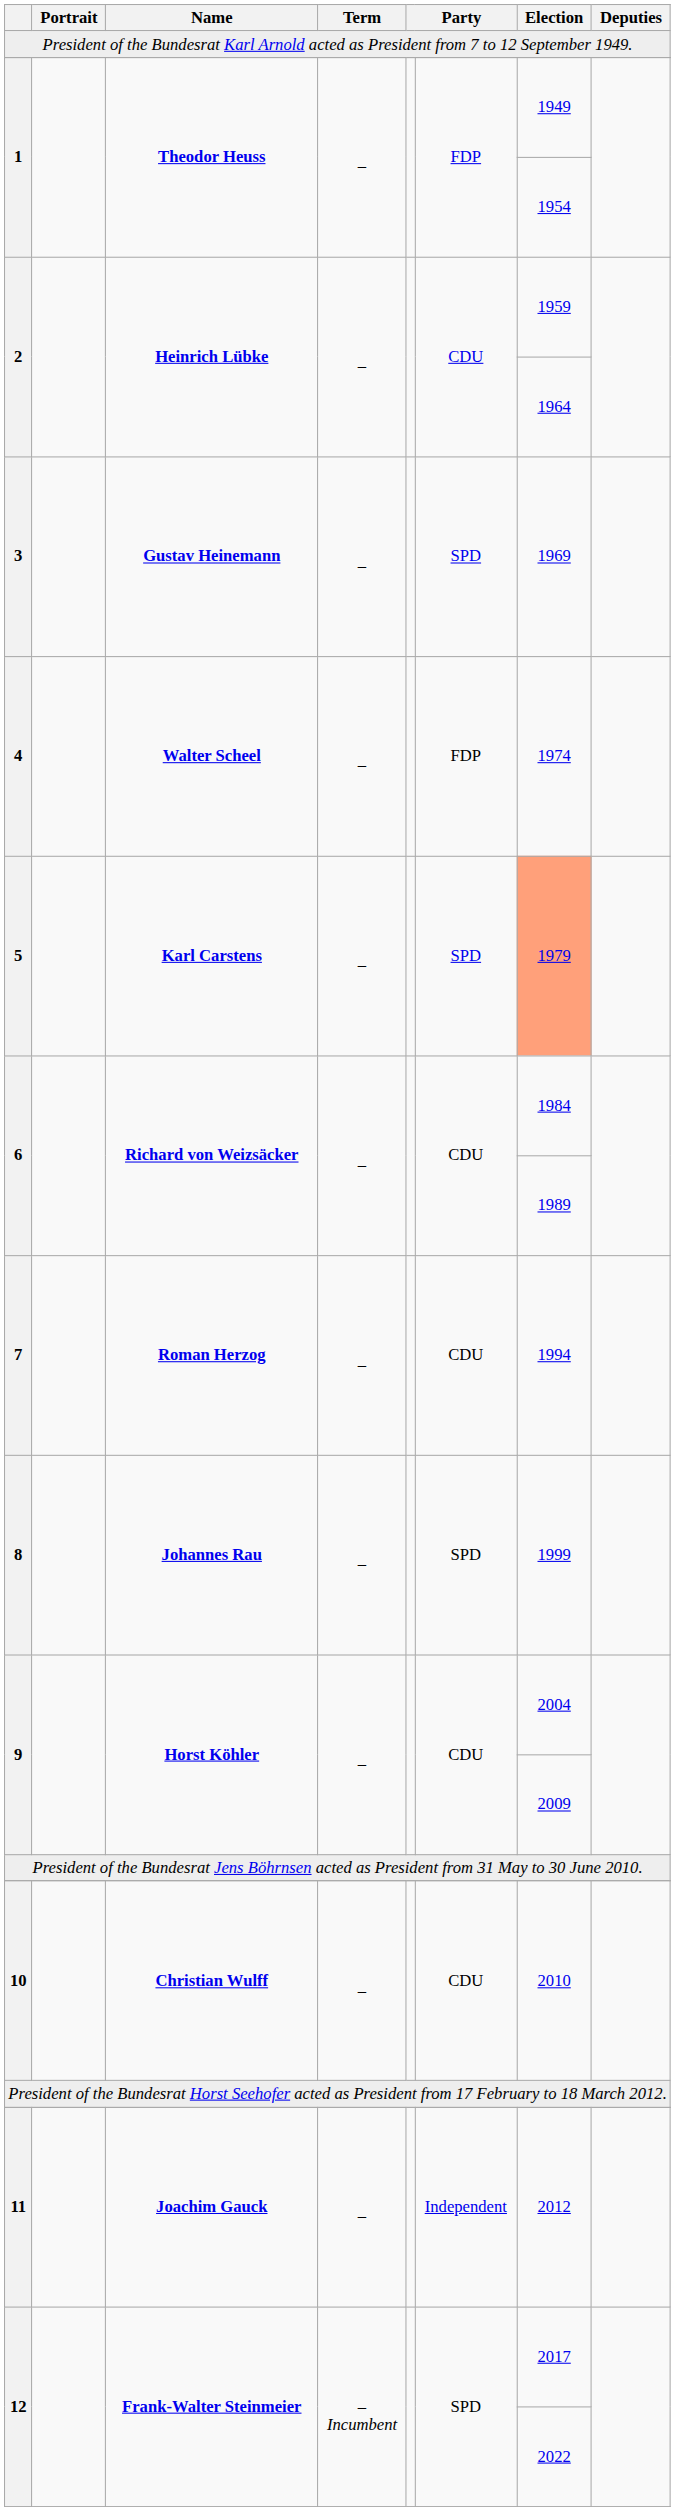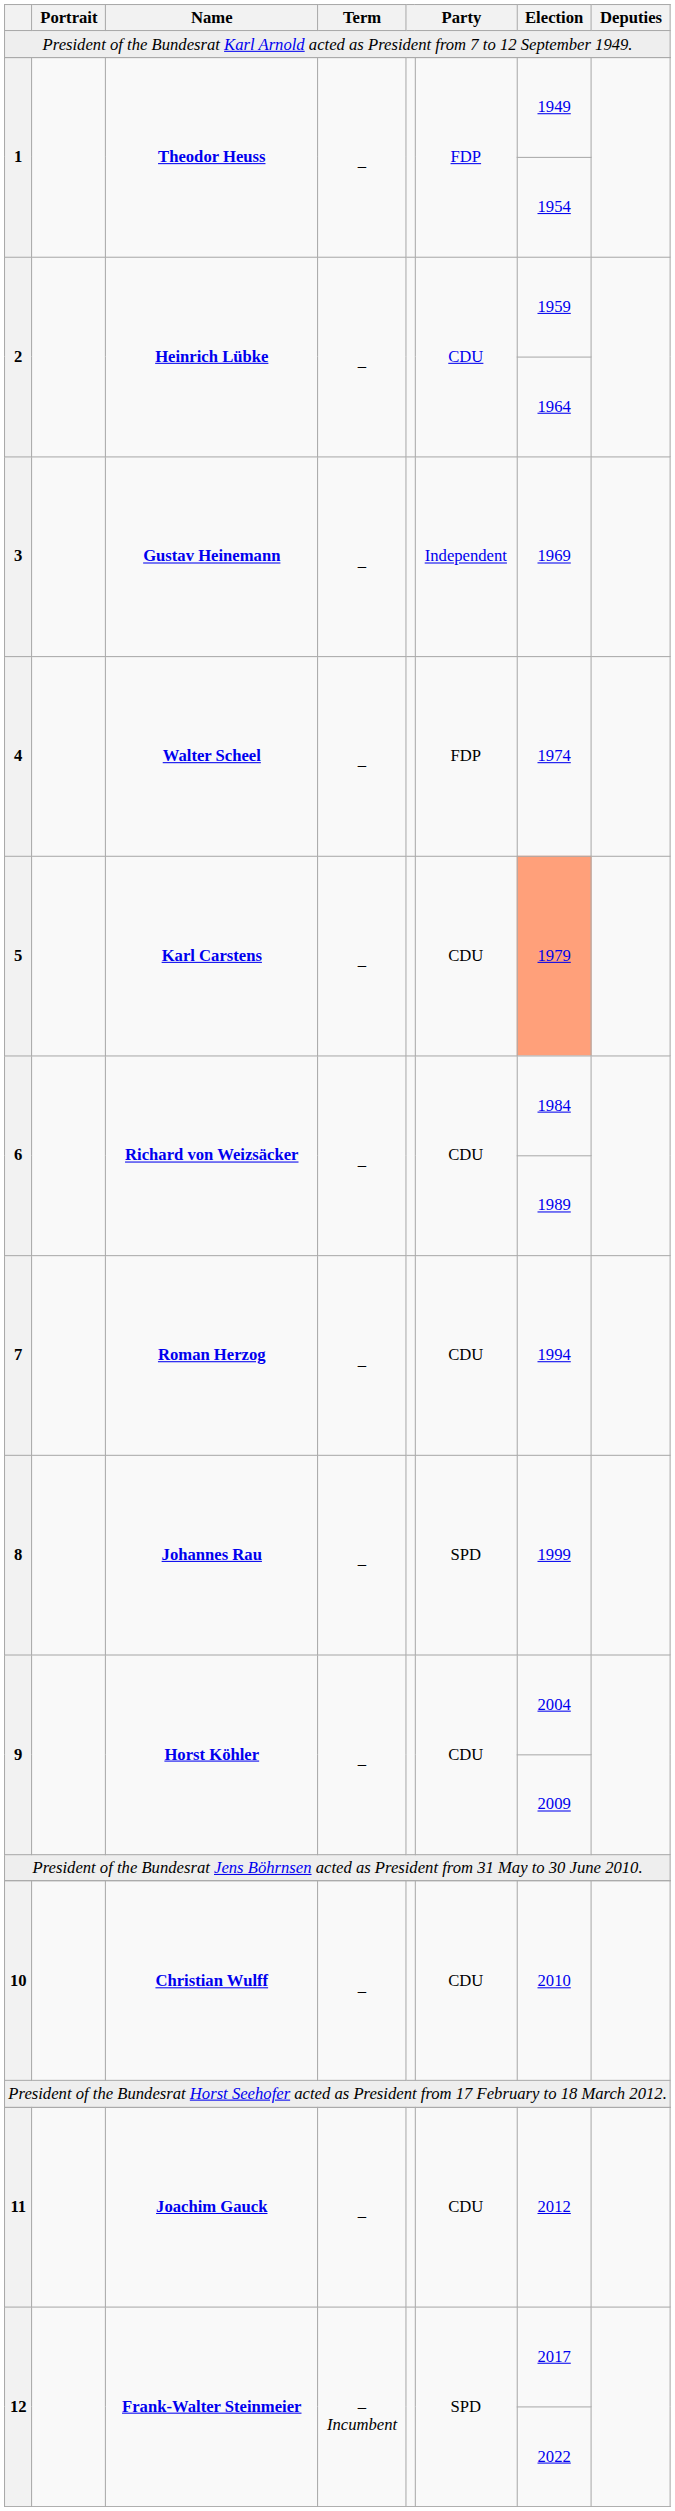 <table class="wikitable sortable" style="text-align:center;">
 <tr>
 <th scope="col" class="unsortable"></th>
 <th scope="col" class="unsortable">Portrait</th>
 <th scope="col">Name<br></th>
 <th scope="col" class="unsortable">Term</th>
 <th scope="col" colspan=2>Party</th>
 <th scope="col" class="unsortable">Election</th>
 <th scope="col">Deputies<br></th>
 </tr>
 <tr>
 <td bgcolor=#EEEEEE colspan=10><em>President of the Bundesrat <a href='#'>Karl Arnold</a> acted as President from 7 to 12 September 1949.</em></td>
 </tr>
 <tr>
 </tr>
 <tr style="height:6em;">
 <th scope="row" rowspan=2>1</th>
 <td rowspan="2"></td>
 <td rowspan="2" data-sort-value="Heuss"><strong><a href='#'>Theodor Heuss</a></strong><br></td>
 <td rowspan=2><br>–<br></td>
 <td rowspan=2 style="background-color:"></td>
 <td rowspan=2><a href='#'>FDP</a></td>
 <td class=nowrap><a href='#'>1949</a></td>
 <td rowspan=2></td>
 </tr>
 <tr style="height:6em;">
 <td><a href='#'>1954</a></td>
 </tr>
 <tr style="height:6em;">
 <th scope="row" rowspan=2>2</th>
 <td rowspan="2"></td>
 <td rowspan="2" data-sort-value="Lübke"><strong><a href='#'>Heinrich Lübke</a></strong><br></td>
 <td rowspan=2><br>–<br></td>
 <td rowspan=2 style="background-color:"></td>
 <td rowspan=2><a href='#'>CDU</a></td>
 <td class=nowrap><a href='#'>1959</a></td>
 <td rowspan=2></td>
 </tr>
 <tr style="height:6em;">
 <td><a href='#'>1964</a></td>
 </tr>
 <tr style="height:12em;">
 <th scope="row">3</th>
 <td></td>
 <td data-sort-value="Heinemann"><strong><a href='#'>Gustav Heinemann</a></strong><br></td>
 <td><br>–<br></td>
 <td style="background-color:"></td>
-<td><a href='#'>SPD</a></td>
+<td><a href='#'>Independent</a></td>
 <td class=nowrap><a href='#'>1969</a></td>
 <td></td>
 </tr>
 <tr style="height:12em;">
 <th scope="row">4</th>
 <td></td>
 <td data-sort-value="Scheel"><strong><a href='#'>Walter Scheel</a></strong><br></td>
 <td><br>–<br></td>
 <td style="background-color:"></td>
 <td>FDP</td>
 <td class=nowrap><a href='#'>1974</a></td>
 <td></td>
 </tr>
 <tr style="height:12em;">
 <th scope="row">5</th>
 <td></td>
 <td data-sort-value="Carstens"><strong><a href='#'>Karl Carstens</a></strong><br></td>
 <td><br>–<br></td>
 <td style="background-color:"></td>
-<td><a href='#'>SPD</a></td>
+<td>CDU</td>
 <td class=nowrap style="background: lightsalmon;"><a href='#'>1979</a></td>
 <td></td>
 </tr>
 <tr style="height:6em;">
 <th scope="row" rowspan=2>6</th>
 <td rowspan="2"></td>
 <td rowspan="2" data-sort-value="Weizsäcker"><strong><a href='#'>Richard von Weizsäcker</a></strong><br></td>
 <td rowspan=2><br>–<br></td>
 <td rowspan=2 style="background-color:"></td>
 <td rowspan=2>CDU</td>
 <td class=nowrap><a href='#'>1984</a></td>
 <td rowspan=2></td>
 </tr>
 <tr style="height:6em;">
 <td><a href='#'>1989</a></td>
 </tr>
 <tr style="height:12em;">
 <th scope="row">7</th>
 <td></td>
 <td data-sort-value="Herzog"><strong><a href='#'>Roman Herzog</a></strong><br></td>
 <td><br>–<br></td>
 <td style="background-color:"></td>
 <td>CDU</td>
 <td class=nowrap><a href='#'>1994</a></td>
 <td></td>
 </tr>
 <tr style="height:12em;">
 <th scope="row">8</th>
 <td></td>
 <td data-sort-value="Rau"><strong><a href='#'>Johannes Rau</a></strong><br></td>
 <td><br>–<br></td>
 <td style="background-color:"></td>
 <td>SPD</td>
 <td class=nowrap><a href='#'>1999</a></td>
 <td></td>
 </tr>
 <tr style="height:6em;">
 <th scope="row" rowspan=2>9</th>
 <td rowspan="2"></td>
 <td rowspan="2" data-sort-value="Köhler"><strong><a href='#'>Horst Köhler</a></strong><br></td>
 <td rowspan=2><br>–<br></td>
 <td rowspan=2 style="background-color:"></td>
 <td rowspan=2>CDU</td>
 <td class=nowrap><a href='#'>2004</a></td>
 <td rowspan=2></td>
 </tr>
 <tr style="height:6em;">
 <td><a href='#'>2009</a></td>
 </tr>
 <tr ->
 <td bgcolor=#EEEEEE colspan=10><em>President of the Bundesrat <a href='#'>Jens Böhrnsen</a> acted as President from 31 May to 30 June 2010.</em></td>
 </tr>
 <tr ->
 </tr>
 <tr style="height:12em;">
 <th scope="row">10</th>
 <td></td>
 <td data-sort-value="Wulff"><strong><a href='#'>Christian Wulff</a></strong><br></td>
 <td><br>–<br></td>
 <td style="background-color:"></td>
 <td>CDU</td>
 <td class=nowrap><a href='#'>2010</a></td>
 <td></td>
 </tr>
 <tr ->
 <td bgcolor=#EEEEEE colspan=10><em>President of the Bundesrat <a href='#'>Horst Seehofer</a> acted as President from 17 February to 18 March 2012.</em></td>
 </tr>
 <tr ->
 </tr>
 <tr style="height:12em;">
 <th scope="row">11</th>
 <td></td>
 <td data-sort-value="Gauck"><strong><a href='#'>Joachim Gauck</a></strong><br></td>
 <td><br>–<br></td>
 <td style="background-color:"></td>
-<td><a href='#'>Independent</a></td>
+<td>CDU</td>
 <td class=nowrap><a href='#'>2012</a></td>
 <td></td>
 </tr>
 <tr style="height:6em;">
 <th rowspan="2" scope="row">12</th>
 <td rowspan="2"></td>
 <td rowspan="2"   data-sort-value="Steinmeier"><strong><a href='#'>Frank-Walter Steinmeier</a></strong><br></td>
 <td rowspan=2><br>–<br><em>Incumbent</em></td>
 <td rowspan=2 style="background-color:"></td>
 <td rowspan=2>SPD</td>
 <td class=nowrap><a href='#'>2017</a></td>
 <td rowspan="2"></td>
 </tr>
 <tr style="height:6em;">
 <td><a href='#'>2022</a></td>
 </tr>
 <tr>
 </tr>
 </table>
